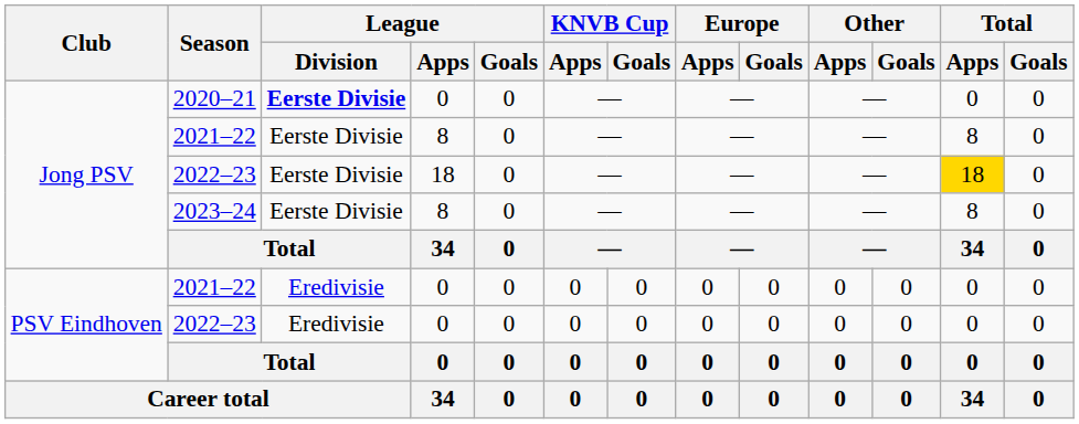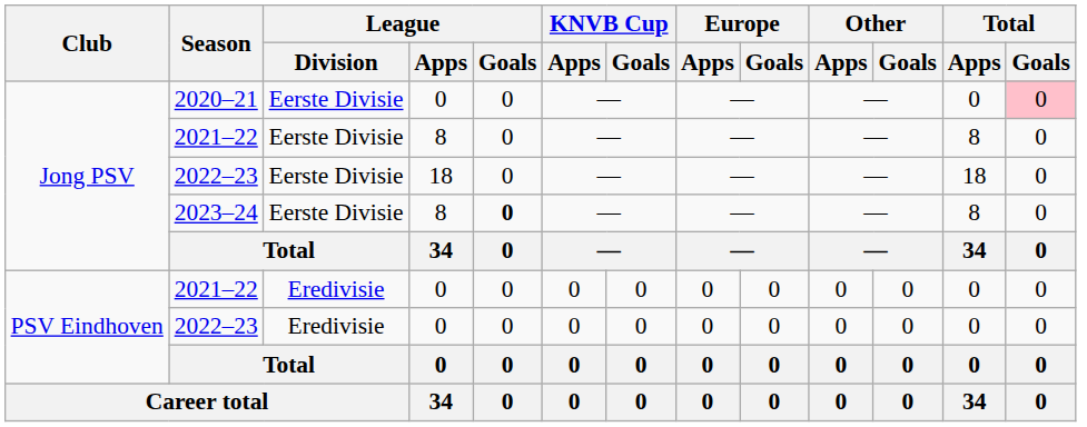 <table class="wikitable" style="text-align:center">
 <tr>
 <th rowspan="2">Club</th>
 <th rowspan="2">Season</th>
 <th colspan="3">League</th>
 <th colspan="2"><a href='#'>KNVB Cup</a></th>
 <th colspan="2">Europe</th>
 <th colspan="2">Other</th>
 <th colspan="2">Total</th>
 </tr>
 <tr>
 <th>Division</th>
 <th>Apps</th>
 <th>Goals</th>
 <th>Apps</th>
 <th>Goals</th>
 <th>Apps</th>
 <th>Goals</th>
 <th>Apps</th>
 <th>Goals</th>
 <th>Apps</th>
 <th>Goals</th>
 </tr>
 <tr>
 <td rowspan="5"><a href='#'>Jong PSV</a></td>
 <td><a href='#'>2020–21</a></td>
-<td><strong><a href='#'>Eerste Divisie</a></strong></td>
+<td><a href='#'>Eerste Divisie</a></td>
 <td>0</td>
 <td>0</td>
 <td colspan="2">—</td>
 <td colspan="2">—</td>
 <td colspan="2">—</td>
 <td>0</td>
-<td>0</td>
+<td style="background: pink;">0</td>
 </tr>
 <tr>
 <td><a href='#'>2021–22</a></td>
 <td>Eerste Divisie</td>
 <td>8</td>
 <td>0</td>
 <td colspan="2">—</td>
 <td colspan="2">—</td>
 <td colspan="2">—</td>
 <td>8</td>
 <td>0</td>
 </tr>
 <tr>
 <td><a href='#'>2022–23</a></td>
 <td>Eerste Divisie</td>
 <td>18</td>
 <td>0</td>
 <td colspan="2">—</td>
 <td colspan="2">—</td>
 <td colspan="2">—</td>
-<td style="background: gold;">18</td>
+<td>18</td>
 <td>0</td>
 </tr>
 <tr>
 <td><a href='#'>2023–24</a></td>
 <td>Eerste Divisie</td>
 <td>8</td>
-<td>0</td>
+<td><strong>0</strong></td>
 <td colspan="2">—</td>
 <td colspan="2">—</td>
 <td colspan="2">—</td>
 <td>8</td>
 <td>0</td>
 </tr>
 <tr>
 <th colspan="2">Total</th>
 <th>34</th>
 <th>0</th>
 <th colspan="2">—</th>
 <th colspan="2">—</th>
 <th colspan="2">—</th>
 <th>34</th>
 <th>0</th>
 </tr>
 <tr>
 <td rowspan="3"><a href='#'>PSV Eindhoven</a></td>
 <td><a href='#'>2021–22</a></td>
 <td><a href='#'>Eredivisie</a></td>
 <td>0</td>
 <td>0</td>
 <td>0</td>
 <td>0</td>
 <td>0</td>
 <td>0</td>
 <td>0</td>
 <td>0</td>
 <td>0</td>
 <td>0</td>
 </tr>
 <tr>
 <td><a href='#'>2022–23</a></td>
 <td>Eredivisie</td>
 <td>0</td>
 <td>0</td>
 <td>0</td>
 <td>0</td>
 <td>0</td>
 <td>0</td>
 <td>0</td>
 <td>0</td>
 <td>0</td>
 <td>0</td>
 </tr>
 <tr>
 <th colspan="2">Total</th>
 <th>0</th>
 <th>0</th>
 <th>0</th>
 <th>0</th>
 <th>0</th>
 <th>0</th>
 <th>0</th>
 <th>0</th>
 <th>0</th>
 <th>0</th>
 </tr>
 <tr>
 <th colspan="3">Career total</th>
 <th>34</th>
 <th>0</th>
 <th>0</th>
 <th>0</th>
 <th>0</th>
 <th>0</th>
 <th>0</th>
 <th>0</th>
 <th>34</th>
 <th>0</th>
 </tr>
 </table>
